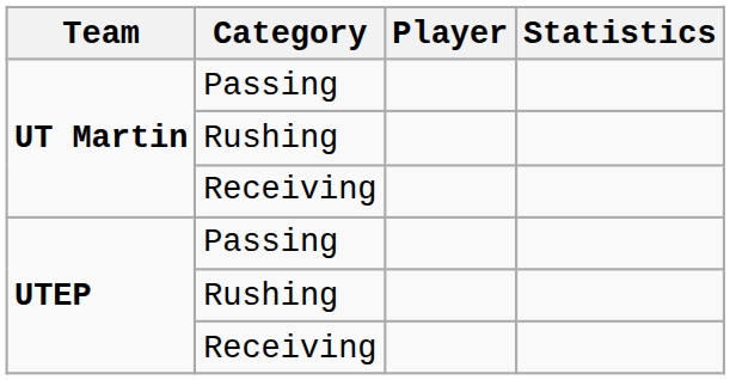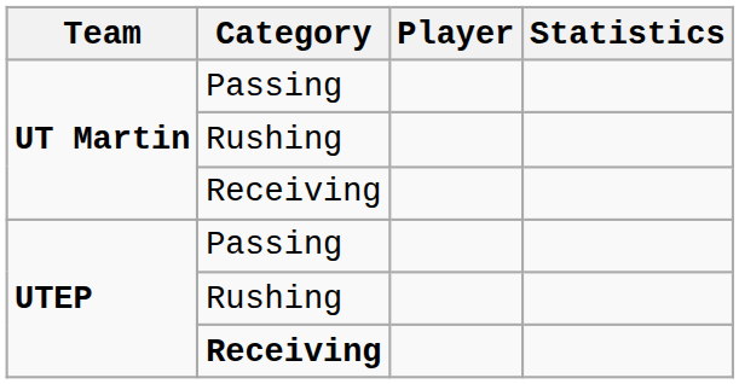 <table class="wikitable" style="float: right;">
 <tr>
 <th>Team</th>
 <th>Category</th>
 <th>Player</th>
 <th>Statistics</th>
 </tr>
 <tr>
 <td rowspan=3><strong>UT Martin</strong></td>
 <td>Passing</td>
 <td></td>
 <td></td>
 </tr>
 <tr>
 <td>Rushing</td>
 <td></td>
 <td></td>
 </tr>
 <tr>
 <td>Receiving</td>
 <td></td>
 <td></td>
 </tr>
 <tr>
 <td rowspan=3><strong>UTEP</strong></td>
 <td>Passing</td>
 <td></td>
 <td></td>
 </tr>
 <tr>
 <td>Rushing</td>
 <td></td>
 <td></td>
 </tr>
 <tr>
-<td>Receiving</td>
+<td><strong>Receiving</strong></td>
 <td></td>
 <td></td>
 </tr>
 </table>
